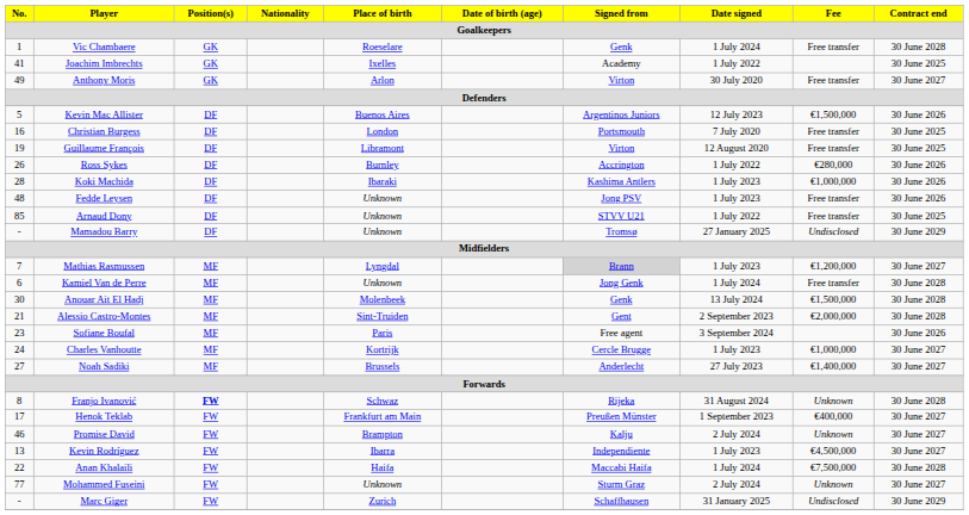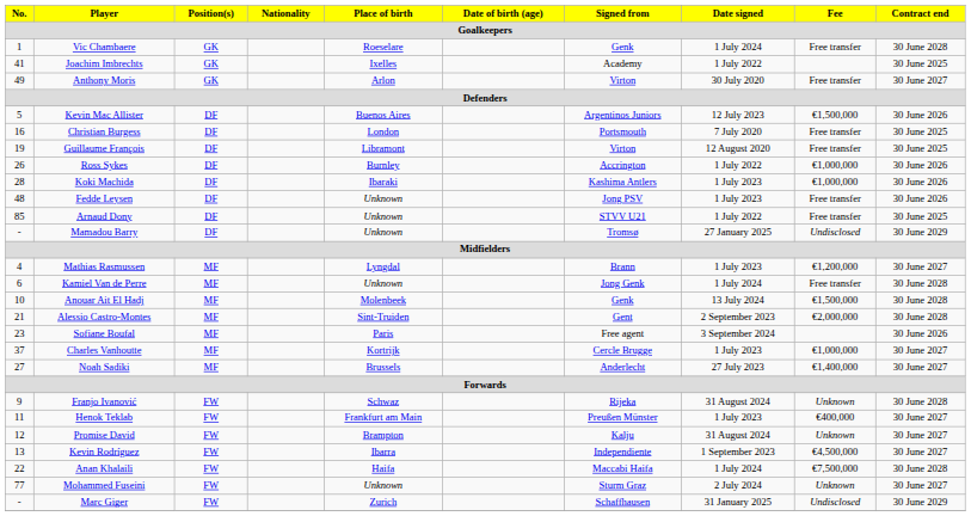 <table class="wikitable" style="text-align:center; font-size:84.5%; width:101%;">
 <tr>
 <th style="color:black; background:#FFFF00; text-align:center;">No.</th>
 <th style="color:black; background:#FFFF00; text-align:center;">Player</th>
 <th style="color:black; background:#FFFF00; text-align:center;">Position(s)</th>
 <th style="color:black; background:#FFFF00; text-align:center;">Nationality</th>
 <th style="color:black; background:#FFFF00; text-align:center;">Place of birth</th>
 <th style="color:black; background:#FFFF00; text-align:center;">Date of birth (age)</th>
 <th style="color:black; background:#FFFF00; text-align:center;">Signed from</th>
 <th style="color:black; background:#FFFF00; text-align:center;">Date signed</th>
 <th style="color:black; background:#FFFF00; text-align:center;">Fee</th>
 <th style="color:black; background:#FFFF00; text-align:center;">Contract end</th>
 </tr>
 <tr>
 <th colspan="14" style="background:#dcdcdc; tepxt-align:center;">Goalkeepers</th>
 </tr>
 <tr>
 <td>1</td>
 <td><a href='#'>Vic Chambaere</a></td>
 <td><a href='#'>GK</a></td>
 <td></td>
 <td><a href='#'>Roeselare</a></td>
 <td></td>
 <td> <a href='#'>Genk</a></td>
 <td>1 July 2024</td>
 <td>Free transfer</td>
 <td>30 June 2028</td>
 </tr>
 <tr>
 <td>41</td>
 <td><a href='#'>Joachim Imbrechts</a></td>
 <td><a href='#'>GK</a></td>
 <td></td>
 <td> <a href='#'>Ixelles</a></td>
 <td></td>
 <td>Academy</td>
 <td>1 July 2022</td>
 <td></td>
 <td>30 June 2025</td>
 </tr>
 <tr>
 <td>49</td>
 <td><a href='#'>Anthony Moris</a></td>
 <td><a href='#'>GK</a></td>
 <td></td>
 <td> <a href='#'>Arlon</a></td>
 <td></td>
 <td> <a href='#'>Virton</a></td>
 <td>30 July 2020</td>
 <td>Free transfer</td>
 <td>30 June 2027</td>
 </tr>
 <tr>
 <th colspan="14" style="background:#dcdcdc; tepxt-align:center;">Defenders</th>
 </tr>
 <tr>
 <td>5</td>
 <td><a href='#'>Kevin Mac Allister</a></td>
 <td><a href='#'>DF</a></td>
 <td></td>
 <td><a href='#'>Buenos Aires</a></td>
 <td></td>
 <td> <a href='#'>Argentinos Juniors</a></td>
 <td>12 July 2023</td>
 <td>€1,500,000</td>
 <td>30 June 2026</td>
 </tr>
 <tr>
 <td>16</td>
 <td><a href='#'>Christian Burgess</a></td>
 <td><a href='#'>DF</a></td>
 <td></td>
 <td><a href='#'>London</a></td>
 <td></td>
 <td> <a href='#'>Portsmouth</a></td>
 <td>7 July 2020</td>
 <td>Free transfer</td>
 <td>30 June 2025</td>
 </tr>
 <tr>
 <td>19</td>
 <td><a href='#'>Guillaume François</a></td>
 <td><a href='#'>DF</a></td>
 <td></td>
 <td><a href='#'>Libramont</a></td>
 <td></td>
 <td> <a href='#'>Virton</a></td>
 <td>12 August 2020</td>
 <td>Free transfer</td>
 <td>30 June 2025</td>
 </tr>
 <tr>
 <td>26</td>
 <td><a href='#'>Ross Sykes</a></td>
 <td><a href='#'>DF</a></td>
 <td></td>
 <td><a href='#'>Burnley</a></td>
 <td></td>
 <td> <a href='#'>Accrington</a></td>
 <td>1 July 2022</td>
-<td>€280,000</td>
+<td>€1,000,000</td>
 <td>30 June 2026</td>
 </tr>
 <tr>
 <td>28</td>
 <td><a href='#'>Koki Machida</a></td>
 <td><a href='#'>DF</a></td>
 <td></td>
 <td><a href='#'>Ibaraki</a></td>
 <td></td>
 <td> <a href='#'>Kashima Antlers</a></td>
 <td>1 July 2023</td>
 <td>€1,000,000</td>
 <td>30 June 2026</td>
 </tr>
 <tr>
 <td>48</td>
 <td><a href='#'>Fedde Leysen</a></td>
 <td><a href='#'>DF</a></td>
 <td></td>
 <td><em>Unknown</em></td>
 <td></td>
 <td> <a href='#'>Jong PSV</a></td>
 <td>1 July 2023</td>
 <td>Free transfer</td>
 <td>30 June 2026</td>
 </tr>
 <tr>
 <td>85</td>
 <td><a href='#'>Arnaud Dony</a></td>
 <td><a href='#'>DF</a></td>
 <td></td>
 <td><em>Unknown</em></td>
 <td></td>
 <td> <a href='#'>STVV U21</a></td>
 <td>1 July 2022</td>
 <td>Free transfer</td>
 <td>30 June 2025</td>
 </tr>
 <tr>
 <td>-</td>
 <td><a href='#'>Mamadou Barry</a></td>
 <td><a href='#'>DF</a></td>
 <td></td>
 <td><em>Unknown</em></td>
 <td></td>
 <td> <a href='#'>Tromsø</a></td>
 <td>27 January 2025</td>
 <td><em>Undisclosed</em></td>
 <td>30 June 2029</td>
 </tr>
 <tr>
 <th colspan="14" style="background:#dcdcdc; tepxt-align:center;">Midfielders</th>
 </tr>
 <tr>
-<td>7</td>
+<td>4</td>
 <td><a href='#'>Mathias Rasmussen</a></td>
 <td><a href='#'>MF</a></td>
 <td></td>
 <td><a href='#'>Lyngdal</a></td>
 <td></td>
-<td style="background: lightgrey;"> <a href='#'>Brann</a></td>
+<td> <a href='#'>Brann</a></td>
 <td>1 July 2023</td>
 <td>€1,200,000</td>
 <td>30 June 2027</td>
 </tr>
 <tr>
 <td>6</td>
 <td><a href='#'>Kamiel Van de Perre</a></td>
 <td><a href='#'>MF</a></td>
 <td></td>
 <td><em>Unknown</em></td>
 <td></td>
 <td> <a href='#'>Jong Genk</a></td>
 <td>1 July 2024</td>
 <td>Free transfer</td>
 <td>30 June 2028</td>
 </tr>
 <tr>
-<td>30</td>
+<td>10</td>
 <td><a href='#'>Anouar Ait El Hadj</a></td>
 <td><a href='#'>MF</a></td>
 <td></td>
 <td><a href='#'>Molenbeek</a></td>
 <td></td>
 <td> <a href='#'>Genk</a></td>
 <td>13 July 2024</td>
 <td>€1,500,000</td>
 <td>30 June 2028</td>
 </tr>
 <tr>
 <td>21</td>
 <td><a href='#'>Alessio Castro-Montes</a></td>
 <td><a href='#'>MF</a></td>
 <td></td>
 <td><a href='#'>Sint-Truiden</a></td>
 <td></td>
 <td> <a href='#'>Gent</a></td>
 <td>2 September 2023</td>
 <td>€2,000,000</td>
 <td>30 June 2028</td>
 </tr>
 <tr>
 <td>23</td>
 <td><a href='#'>Sofiane Boufal</a></td>
 <td><a href='#'>MF</a></td>
 <td></td>
 <td> <a href='#'>Paris</a></td>
 <td></td>
 <td>Free agent</td>
 <td>3 September 2024</td>
 <td></td>
 <td>30 June 2026</td>
 </tr>
 <tr>
-<td>24</td>
+<td>37</td>
 <td><a href='#'>Charles Vanhoutte</a></td>
 <td><a href='#'>MF</a></td>
 <td></td>
 <td><a href='#'>Kortrijk</a></td>
 <td></td>
 <td> <a href='#'>Cercle Brugge</a></td>
 <td>1 July 2023</td>
 <td>€1,000,000</td>
 <td>30 June 2027</td>
 </tr>
 <tr>
 <td>27</td>
 <td><a href='#'>Noah Sadiki</a></td>
 <td><a href='#'>MF</a></td>
 <td></td>
 <td> <a href='#'>Brussels</a></td>
 <td></td>
 <td> <a href='#'>Anderlecht</a></td>
 <td>27 July 2023</td>
 <td>€1,400,000</td>
 <td>30 June 2027</td>
 </tr>
 <tr>
 <th colspan="14" style="background:#dcdcdc; tepxt-align:center;">Forwards</th>
 </tr>
 <tr>
-<td>8 </td>
+<td>9 </td>
 <td><a href='#'>Franjo Ivanović</a></td>
-<td><strong><a href='#'>FW</a></strong></td>
+<td><a href='#'>FW</a></td>
 <td></td>
 <td> <a href='#'>Schwaz</a></td>
 <td></td>
 <td> <a href='#'>Rijeka</a></td>
 <td>31 August 2024</td>
 <td><em>Unknown</em></td>
 <td>30 June 2028</td>
 </tr>
 <tr>
-<td>17</td>
+<td>11</td>
 <td><a href='#'>Henok Teklab</a></td>
 <td><a href='#'>FW</a></td>
 <td></td>
 <td><a href='#'>Frankfurt am Main</a></td>
 <td></td>
 <td> <a href='#'>Preußen Münster</a></td>
-<td>1 September 2023</td>
+<td>1 July 2023</td>
 <td>€400,000</td>
 <td>30 June 2027</td>
 </tr>
 <tr>
-<td>46</td>
+<td>12</td>
 <td><a href='#'>Promise David</a></td>
 <td><a href='#'>FW</a></td>
 <td></td>
 <td> <a href='#'>Brampton</a></td>
 <td></td>
 <td> <a href='#'>Kalju</a></td>
-<td>2 July 2024</td>
+<td>31 August 2024</td>
 <td><em>Unknown</em></td>
 <td>30 June 2027</td>
 </tr>
 <tr>
 <td>13</td>
 <td><a href='#'>Kevin Rodríguez</a></td>
 <td><a href='#'>FW</a></td>
 <td></td>
 <td><a href='#'>Ibarra</a></td>
 <td></td>
 <td> <a href='#'>Independiente</a></td>
-<td>1 July 2023</td>
+<td>1 September 2023</td>
 <td>€4,500,000</td>
 <td>30 June 2027</td>
 </tr>
 <tr>
 <td>22</td>
 <td><a href='#'>Anan Khalaili</a></td>
 <td><a href='#'>FW</a></td>
 <td></td>
 <td><a href='#'>Haifa</a></td>
 <td></td>
 <td> <a href='#'>Maccabi Haifa</a></td>
 <td>1 July 2024</td>
 <td>€7,500,000</td>
 <td>30 June 2028</td>
 </tr>
 <tr>
 <td>77</td>
 <td><a href='#'>Mohammed Fuseini</a></td>
 <td><a href='#'>FW</a></td>
 <td></td>
 <td><em>Unknown</em></td>
 <td></td>
 <td> <a href='#'>Sturm Graz</a></td>
 <td>2 July 2024</td>
 <td><em>Unknown</em></td>
 <td>30 June 2027</td>
 </tr>
 <tr>
 <td>-</td>
 <td><a href='#'>Marc Giger</a></td>
 <td><a href='#'>FW</a></td>
 <td></td>
 <td><a href='#'>Zurich</a></td>
 <td></td>
 <td> <a href='#'>Schaffhausen</a></td>
 <td>31 January 2025</td>
 <td><em>Undisclosed</em></td>
 <td>30 June 2029</td>
 </tr>
 <tr>
 </tr>
 </table>
